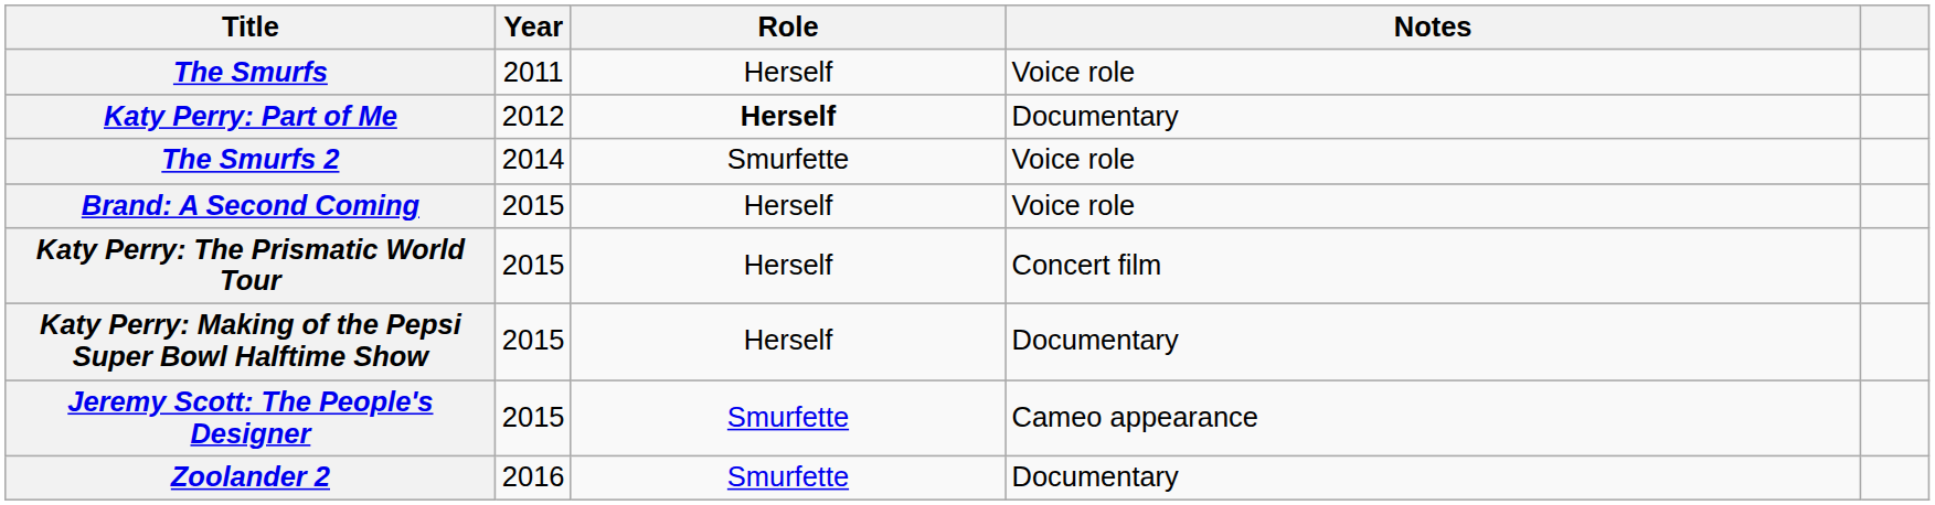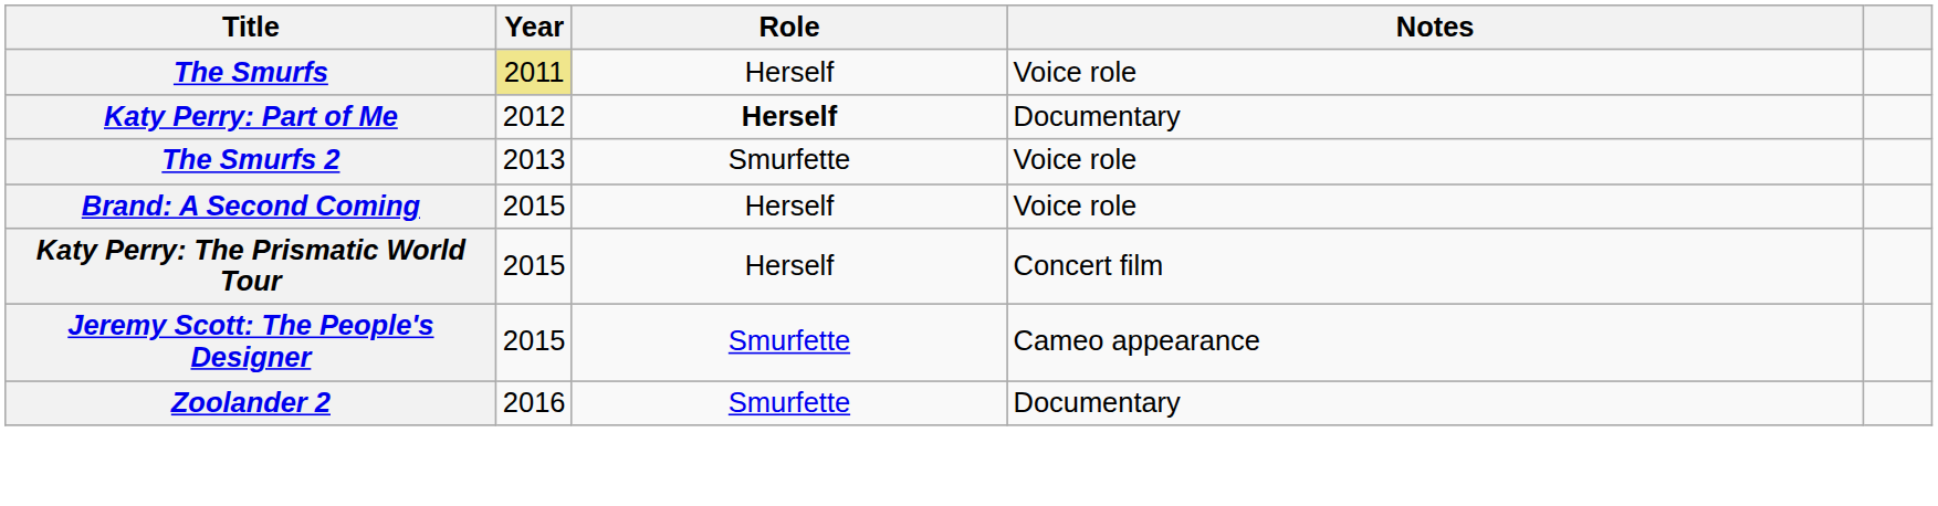 <table class="wikitable plainrowheaders sortable" style="text-align: center;">
 <tr>
 <th scope="col" style="width: 17em;">Title</th>
 <th scope="col" style="width: 2em;">Year</th>
 <th scope="col" style="width: 15em;">Role</th>
 <th scope="col" style="width: 30em;" class="unsortable">Notes</th>
 <th scope="col" style="width: 2em;" class="unsortable"></th>
 </tr>
 <tr>
 <th scope="row"><em><a href='#'>The Smurfs</a></em></th>
-<td>2011</td>
+<td style="background: khaki;">2011</td>
 <td>Herself</td>
 <td style="text-align:left;">Voice role</td>
 <td></td>
 </tr>
 <tr>
 <th scope="row"><em><a href='#'>Katy Perry: Part of Me</a></em></th>
 <td>2012</td>
 <td><strong>Herself</strong></td>
 <td style="text-align:left;">Documentary</td>
 <td></td>
 </tr>
 <tr>
 <th scope="row"><em><a href='#'>The Smurfs 2</a></em></th>
-<td>2014</td>
+<td>2013</td>
 <td>Smurfette</td>
 <td style="text-align:left;">Voice role</td>
 <td></td>
 </tr>
 <tr>
 <th scope="row"><em><a href='#'>Brand: A Second Coming</a></em></th>
 <td>2015</td>
 <td>Herself</td>
 <td style="text-align:left;">Voice role</td>
 <td></td>
 </tr>
 <tr>
 <th scope="row"><em>Katy Perry: The Prismatic World Tour</em></th>
 <td>2015</td>
 <td>Herself</td>
 <td style="text-align:left;">Concert film</td>
 <td></td>
 </tr>
 <tr>
-<th scope="row"><em>Katy Perry: Making of the Pepsi Super Bowl Halftime Show</em></th>
-<td>2015</td>
-<td>Herself</td>
-<td style="text-align:left;">Documentary</td>
-<td></td>
-</tr>
-<tr>
 <th scope="row"><em><a href='#'>Jeremy Scott: The People's Designer</a></em></th>
 <td>2015</td>
 <td><a href='#'>Smurfette</a></td>
 <td style="text-align:left;">Cameo appearance</td>
 <td></td>
 </tr>
 <tr>
 <th scope="row"><em><a href='#'>Zoolander 2</a></em></th>
 <td>2016</td>
 <td><a href='#'>Smurfette</a></td>
 <td style="text-align:left;">Documentary</td>
 <td></td>
 </tr>
 </table>
